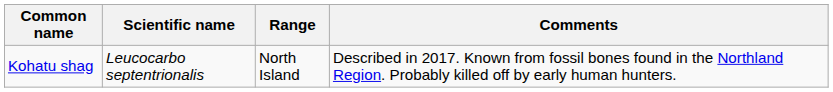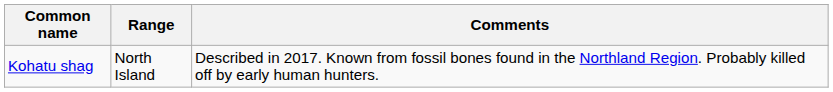 <table class="wikitable">
 <tr>
 <th>Common name</th>
-<th>Scientific name</th>
 <th>Range</th>
 <th class="unsortable">Comments</th>
 </tr>
 <tr>
 <td><a href='#'>Kohatu shag</a></td>
-<td><em>Leucocarbo septentrionalis</em></td>
 <td>North Island</td>
 <td>Described in 2017. Known from fossil bones found in the <a href='#'>Northland Region</a>. Probably killed off by early human hunters.</td>
 </tr>
 </table>
